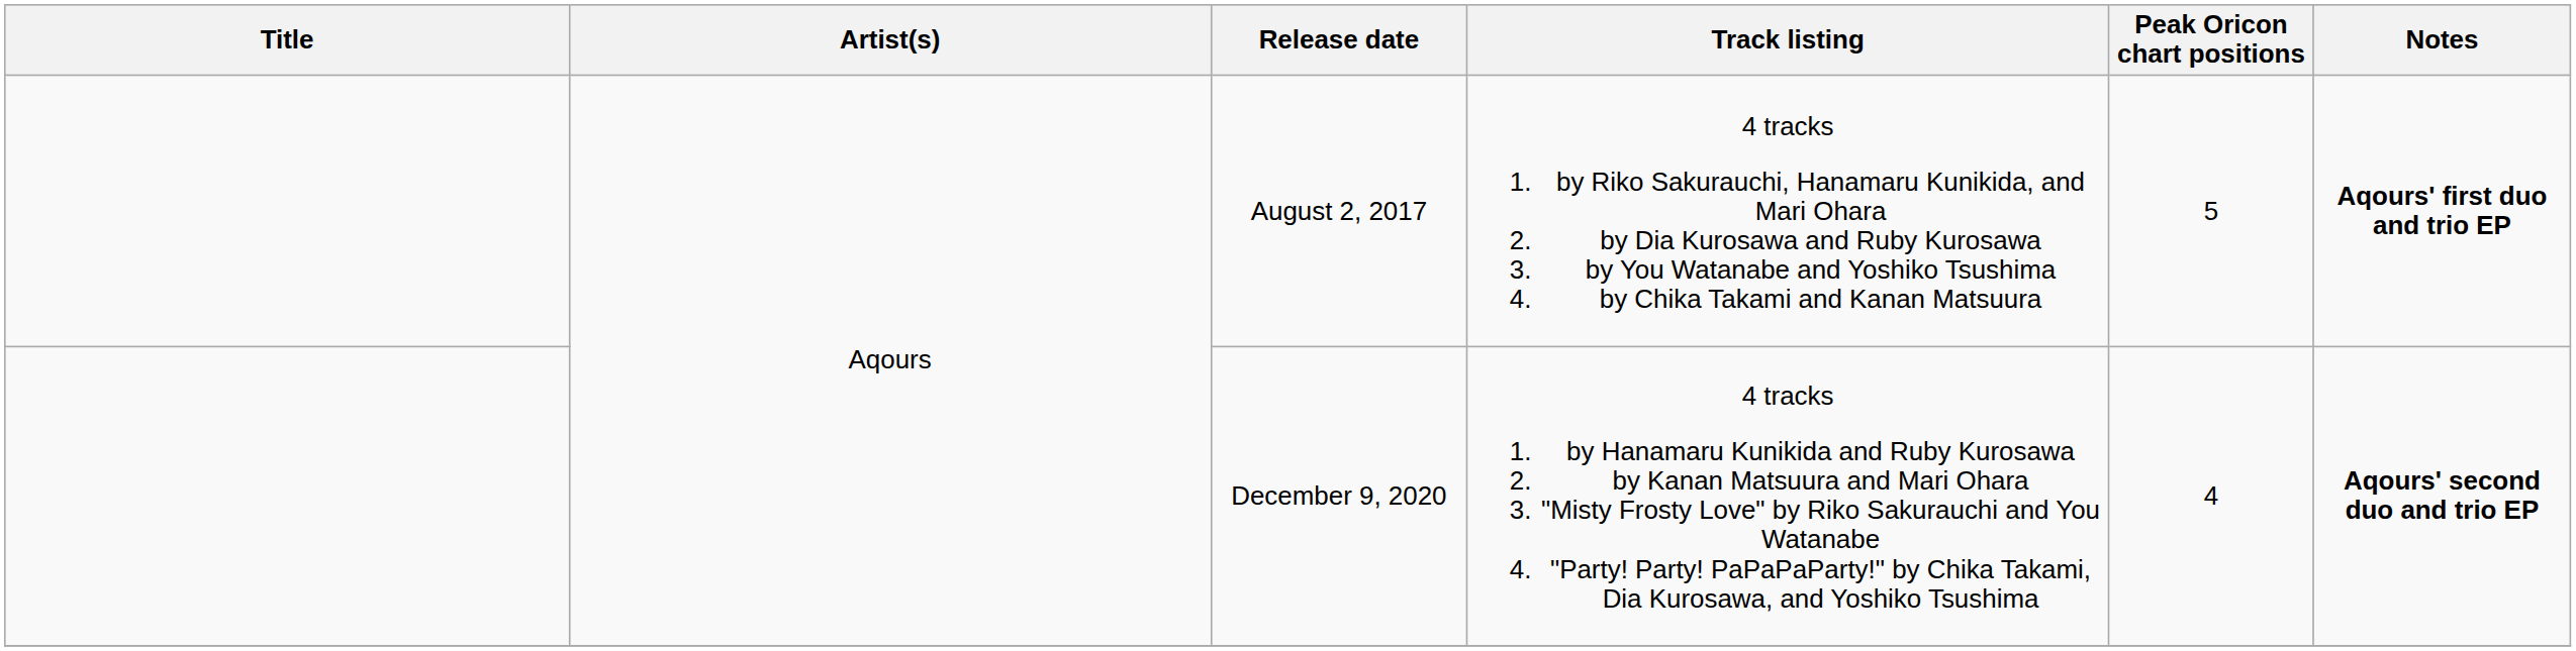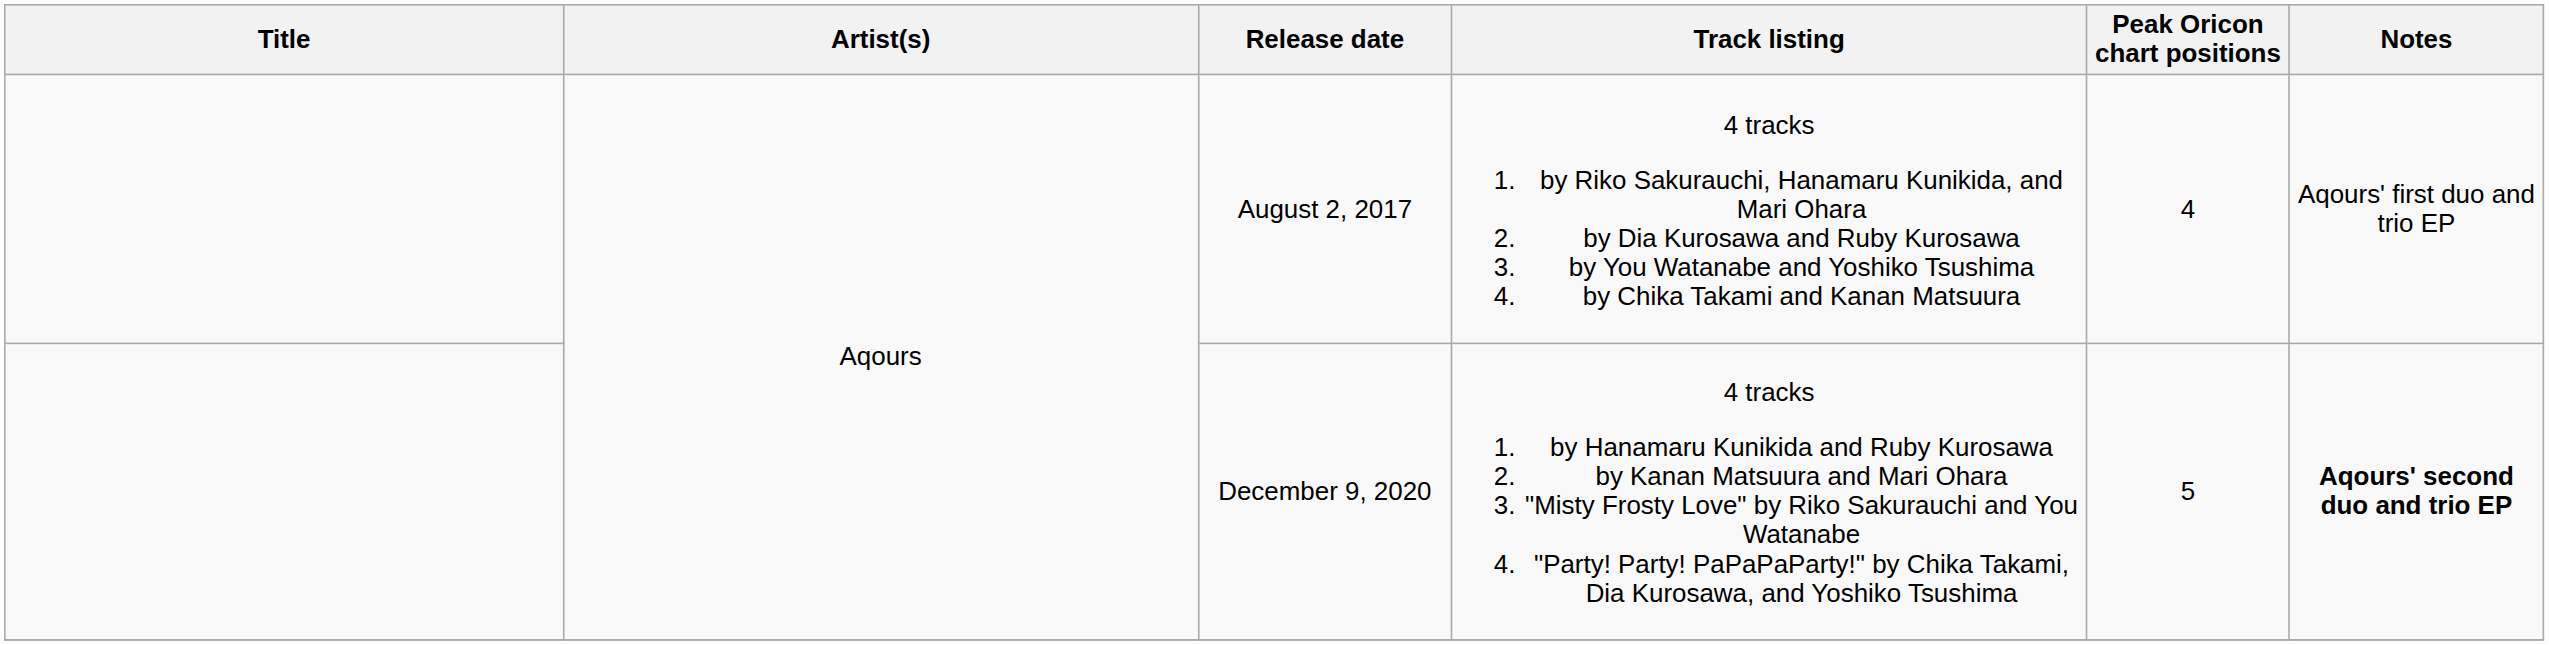 <table class="wikitable" style="text-align:center;">
 <tr>
 <th scope="col" rowspan="1">Title</th>
 <th scope="col" rowspan="1" width="25%">Artist(s)</th>
 <th scope="col" colspan="1" width="10%">Release date</th>
 <th scope="col" colspan="1" width="25%">Track listing</th>
 <th scope="col" rowspan="1" width="8%">Peak Oricon<br>chart positions<br></th>
 <th scope="col" rowspan="1" width="10%">Notes</th>
 </tr>
 <tr>
 <td></td>
 <td rowspan="2">Aqours</td>
 <td>August 2, 2017</td>
 <td style="width:17em"><br>4 tracks<ol><li> by Riko Sakurauchi, Hanamaru Kunikida, and Mari Ohara</li><li> by Dia Kurosawa and Ruby Kurosawa</li><li> by You Watanabe and Yoshiko Tsushima</li><li> by Chika Takami and Kanan Matsuura</li></ol></td>
-<td>5</td>
-<td><strong>Aqours' first duo and trio EP</strong></td>
+<td>4</td>
+<td>Aqours' first duo and trio EP</td>
 </tr>
 <tr>
 <td></td>
 <td>December 9, 2020</td>
 <td style="width:17em"><br>4 tracks<ol><li> by Hanamaru Kunikida and Ruby Kurosawa</li><li> by Kanan Matsuura and Mari Ohara</li><li>"Misty Frosty Love" by Riko Sakurauchi and You Watanabe</li><li>"Party! Party! PaPaPaParty!" by Chika Takami, Dia Kurosawa, and Yoshiko Tsushima</li></ol></td>
-<td>4</td>
+<td>5</td>
 <td><strong>Aqours' second duo and trio EP</strong></td>
 </tr>
 <tr>
 </tr>
 </table>
